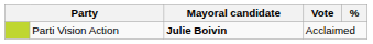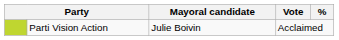 <table class="wikitable">
 <tr>
 <th bgcolor="#DDDDFF" width="230px" colspan="2">Party</th>
 <th bgcolor="#DDDDFF" width="200px">Mayoral candidate</th>
 <th bgcolor="#DDDDFF" width="50px">Vote</th>
 <th bgcolor="#DDDDFF" width="30px">%</th>
 </tr>
 <tr>
 <td bgcolor=#BFD630 width="30px"> </td>
 <td>Parti Vision Action</td>
-<td><strong>Julie Boivin</strong></td>
+<td>Julie Boivin</td>
 <td colspan="2">Acclaimed</td>
 </tr>
 </table>
